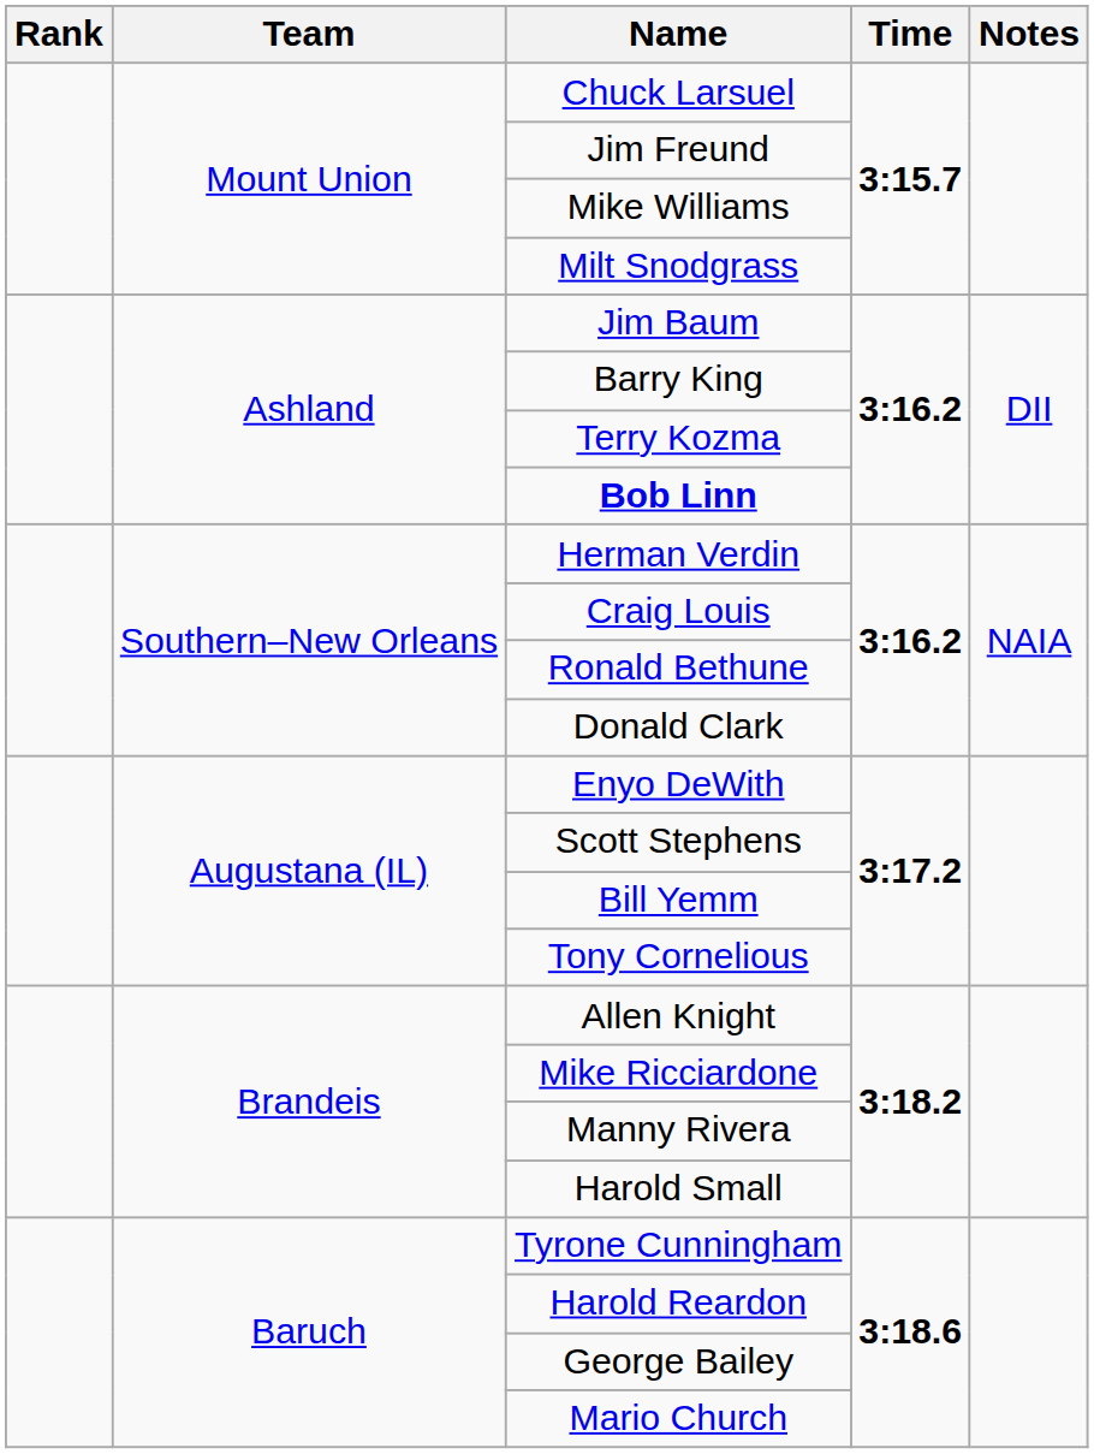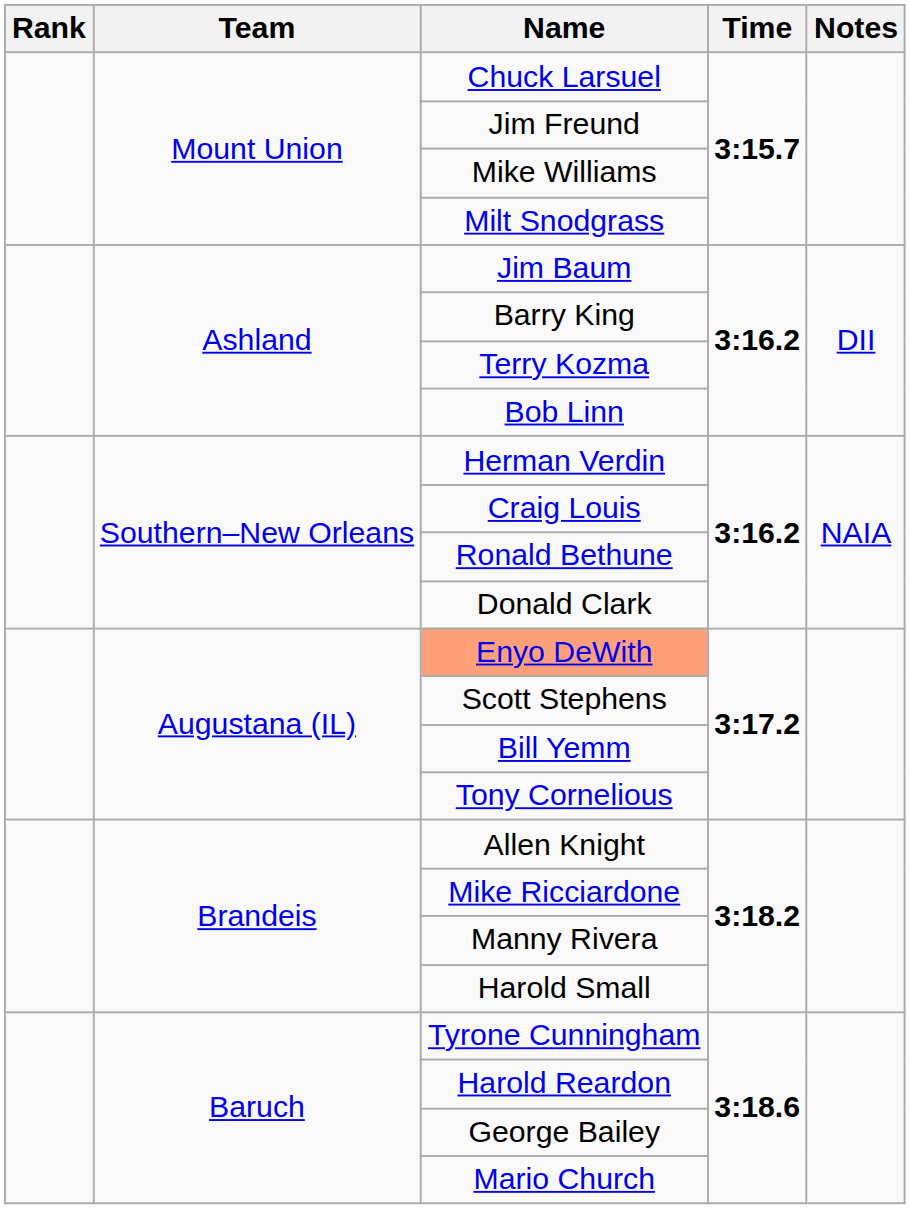 <table class="wikitable sortable" style="text-align:center">
 <tr>
 <th>Rank</th>
 <th>Team</th>
 <th>Name</th>
 <th>Time</th>
 <th>Notes</th>
 </tr>
 <tr>
 <td rowspan="4"></td>
 <td rowspan="4"><a href='#'>Mount Union</a></td>
 <td><a href='#'>Chuck Larsuel</a></td>
 <td rowspan="4"><strong>3:15.7</strong></td>
 <td rowspan="4"></td>
 </tr>
 <tr>
 <td>Jim Freund</td>
 </tr>
 <tr>
 <td>Mike Williams</td>
 </tr>
 <tr>
 <td><a href='#'>Milt Snodgrass</a></td>
 </tr>
 <tr>
 <td rowspan="4"></td>
 <td rowspan="4"><a href='#'>Ashland</a></td>
 <td><a href='#'>Jim Baum</a></td>
 <td rowspan="4"><strong>3:16.2</strong></td>
 <td rowspan="4"><a href='#'>DII</a></td>
 </tr>
 <tr>
 <td>Barry King</td>
 </tr>
 <tr>
 <td><a href='#'>Terry Kozma</a></td>
 </tr>
 <tr>
-<td><strong><a href='#'>Bob Linn</a></strong></td>
+<td><a href='#'>Bob Linn</a></td>
 </tr>
 <tr>
 <td rowspan="4"></td>
 <td rowspan="4"><a href='#'>Southern–New Orleans</a></td>
 <td><a href='#'>Herman Verdin</a></td>
 <td rowspan="4"><strong>3:16.2</strong></td>
 <td rowspan="4"><a href='#'>NAIA</a></td>
 </tr>
 <tr>
 <td><a href='#'>Craig Louis</a></td>
 </tr>
 <tr>
 <td><a href='#'>Ronald Bethune</a></td>
 </tr>
 <tr>
 <td>Donald Clark</td>
 </tr>
 <tr>
 <td rowspan="4"></td>
 <td rowspan="4"><a href='#'>Augustana (IL)</a></td>
-<td><a href='#'>Enyo DeWith</a></td>
+<td style="background: lightsalmon;"><a href='#'>Enyo DeWith</a></td>
 <td rowspan="4"><strong>3:17.2</strong></td>
 <td rowspan="4"></td>
 </tr>
 <tr>
 <td>Scott Stephens</td>
 </tr>
 <tr>
 <td><a href='#'>Bill Yemm</a></td>
 </tr>
 <tr>
 <td><a href='#'>Tony Cornelious</a></td>
 </tr>
 <tr>
 <td rowspan="4"></td>
 <td rowspan="4"><a href='#'>Brandeis</a></td>
 <td>Allen Knight</td>
 <td rowspan="4"><strong>3:18.2</strong></td>
 <td rowspan="4"></td>
 </tr>
 <tr>
 <td><a href='#'>Mike Ricciardone</a></td>
 </tr>
 <tr>
 <td>Manny Rivera</td>
 </tr>
 <tr>
 <td>Harold Small</td>
 </tr>
 <tr>
 <td rowspan="4"></td>
 <td rowspan="4"><a href='#'>Baruch</a></td>
 <td><a href='#'>Tyrone Cunningham</a></td>
 <td rowspan="4"><strong>3:18.6</strong></td>
 <td rowspan="4"></td>
 </tr>
 <tr>
 <td><a href='#'>Harold Reardon</a></td>
 </tr>
 <tr>
 <td>George Bailey</td>
 </tr>
 <tr>
 <td><a href='#'>Mario Church</a></td>
 </tr>
 </table>
